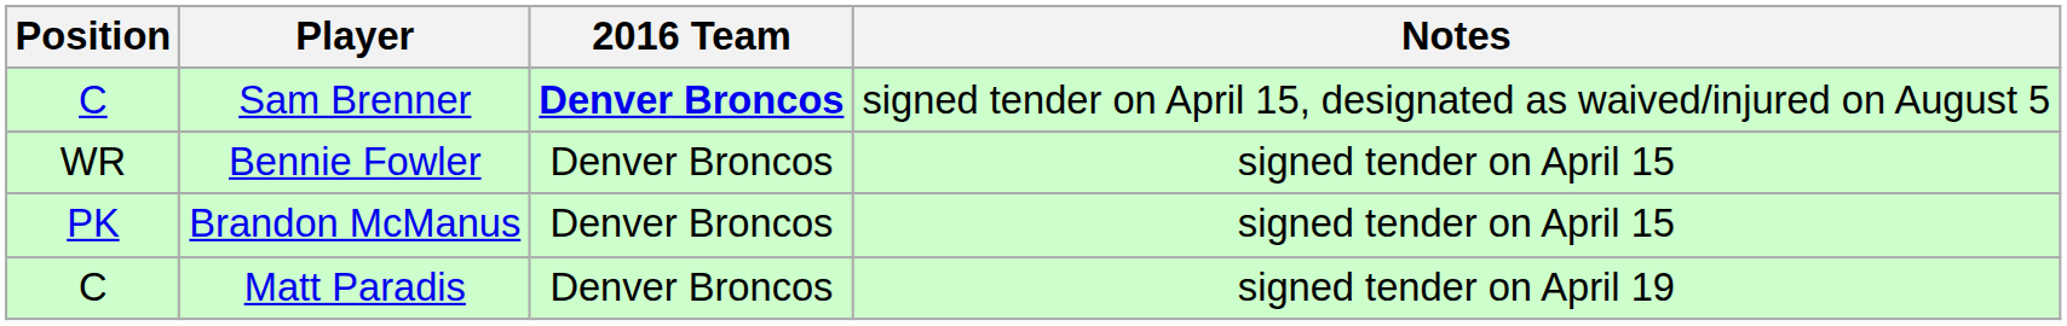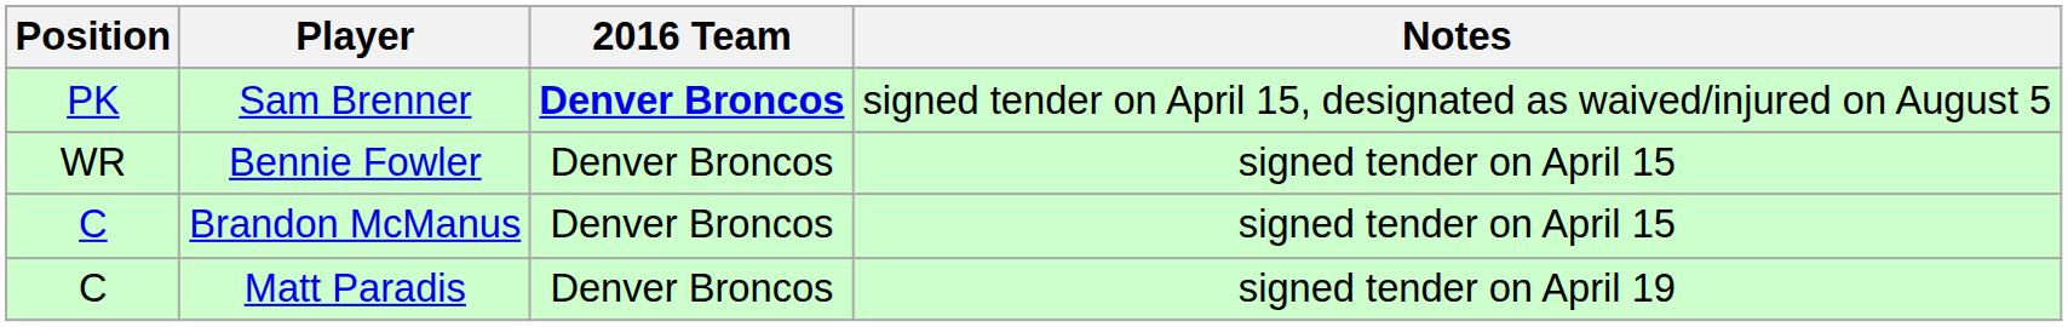 <table class="wikitable" style="text-align:center">
 <tr>
 <th>Position</th>
 <th>Player</th>
 <th>2016 Team</th>
 <th>Notes</th>
 </tr>
 <tr style="background:#cfc">
-<td><a href='#'>C</a></td>
+<td><a href='#'>PK</a></td>
 <td><a href='#'>Sam Brenner</a></td>
 <td><strong><a href='#'>Denver Broncos</a></strong></td>
 <td>signed tender on April 15, designated as waived/injured on August 5</td>
 </tr>
 <tr style="background:#cfc">
 <td>WR</td>
 <td><a href='#'>Bennie Fowler</a></td>
 <td>Denver Broncos</td>
 <td>signed tender on April 15</td>
 </tr>
 <tr style="background:#cfc">
-<td><a href='#'>PK</a></td>
+<td><a href='#'>C</a></td>
 <td><a href='#'>Brandon McManus</a></td>
 <td>Denver Broncos</td>
 <td>signed tender on April 15</td>
 </tr>
 <tr style="background:#cfc">
 <td>C</td>
 <td><a href='#'>Matt Paradis</a></td>
 <td>Denver Broncos</td>
 <td>signed tender on April 19</td>
 </tr>
 </table>
